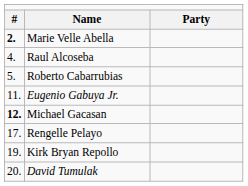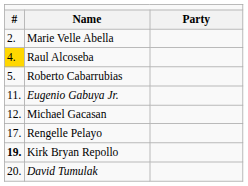 <table class=wikitable style="font-size:90%">
 <tr>
 <td colspan=4 bgcolor=></td>
 </tr>
 <tr>
 <th>#</th>
 <th width=150px>Name</th>
 <th colspan=2 width=110px>Party</th>
 </tr>
 <tr>
-<td><strong>2.</strong></td>
+<td>2.</td>
 <td>Marie Velle Abella</td>
 <td></td>
 </tr>
 <tr>
-<td>4.</td>
+<td style="background: gold;">4.</td>
 <td>Raul Alcoseba</td>
 <td></td>
 </tr>
 <tr>
 <td>5.</td>
 <td>Roberto Cabarrubias</td>
 <td></td>
 </tr>
 <tr>
 <td>11.</td>
 <td><em>Eugenio Gabuya Jr.</em></td>
 <td></td>
 </tr>
 <tr>
-<td><strong>12.</strong></td>
+<td>12.</td>
 <td>Michael Gacasan</td>
 <td></td>
 </tr>
 <tr>
 <td>17.</td>
 <td>Rengelle Pelayo</td>
 <td></td>
 </tr>
 <tr>
-<td>19.</td>
+<td><strong>19.</strong></td>
 <td>Kirk Bryan Repollo</td>
 <td></td>
 </tr>
 <tr>
 <td>20.</td>
 <td><em>David Tumulak</em></td>
 <td></td>
 </tr>
 </table>
